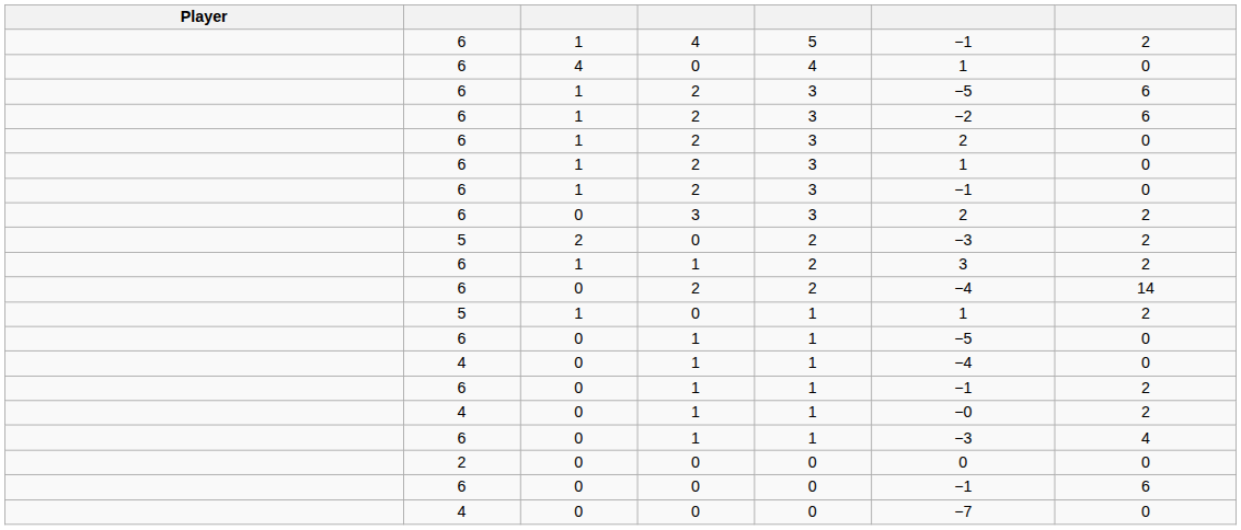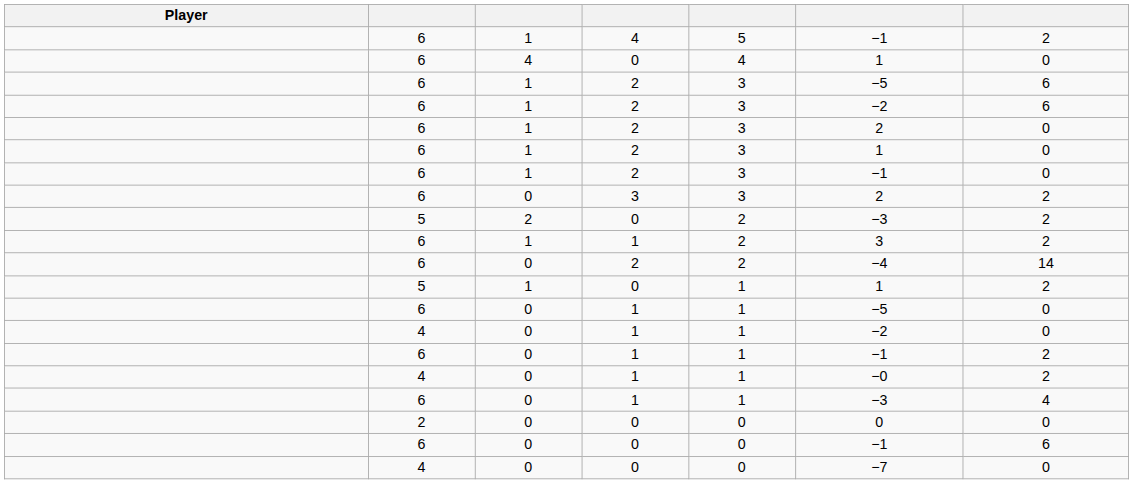 <table class="wikitable sortable" style="width:100%;">
 <tr align=center>
 <th>Player</th>
 <th></th>
 <th></th>
 <th></th>
 <th></th>
 <th data-sort-type="number"></th>
 <th></th>
 </tr>
 <tr align=center>
 <td></td>
 <td>6</td>
 <td>1</td>
 <td>4</td>
 <td>5</td>
 <td>−1</td>
 <td>2</td>
 </tr>
 <tr align=center>
 <td></td>
 <td>6</td>
 <td>4</td>
 <td>0</td>
 <td>4</td>
 <td>1</td>
 <td>0</td>
 </tr>
 <tr align=center>
 <td></td>
 <td>6</td>
 <td>1</td>
 <td>2</td>
 <td>3</td>
 <td>−5</td>
 <td>6</td>
 </tr>
 <tr align=center>
 <td></td>
 <td>6</td>
 <td>1</td>
 <td>2</td>
 <td>3</td>
 <td>−2</td>
 <td>6</td>
 </tr>
 <tr align=center>
 <td></td>
 <td>6</td>
 <td>1</td>
 <td>2</td>
 <td>3</td>
 <td>2</td>
 <td>0</td>
 </tr>
 <tr align=center>
 <td></td>
 <td>6</td>
 <td>1</td>
 <td>2</td>
 <td>3</td>
 <td>1</td>
 <td>0</td>
 </tr>
 <tr align=center>
 <td></td>
 <td>6</td>
 <td>1</td>
 <td>2</td>
 <td>3</td>
 <td>−1</td>
 <td>0</td>
 </tr>
 <tr align=center>
 <td></td>
 <td>6</td>
 <td>0</td>
 <td>3</td>
 <td>3</td>
 <td>2</td>
 <td>2</td>
 </tr>
 <tr align=center>
 <td></td>
 <td>5</td>
 <td>2</td>
 <td>0</td>
 <td>2</td>
 <td>−3</td>
 <td>2</td>
 </tr>
 <tr align=center>
 <td></td>
 <td>6</td>
 <td>1</td>
 <td>1</td>
 <td>2</td>
 <td>3</td>
 <td>2</td>
 </tr>
 <tr align=center>
 <td></td>
 <td>6</td>
 <td>0</td>
 <td>2</td>
 <td>2</td>
 <td>−4</td>
 <td>14</td>
 </tr>
 <tr align=center>
 <td></td>
 <td>5</td>
 <td>1</td>
 <td>0</td>
 <td>1</td>
 <td>1</td>
 <td>2</td>
 </tr>
 <tr align=center>
 <td></td>
 <td>6</td>
 <td>0</td>
 <td>1</td>
 <td>1</td>
 <td>−5</td>
 <td>0</td>
 </tr>
 <tr align=center>
 <td></td>
 <td>4</td>
 <td>0</td>
 <td>1</td>
 <td>1</td>
-<td>−4</td>
+<td>−2</td>
 <td>0</td>
 </tr>
 <tr align=center>
 <td></td>
 <td>6</td>
 <td>0</td>
 <td>1</td>
 <td>1</td>
 <td>−1</td>
 <td>2</td>
 </tr>
 <tr align=center>
 <td></td>
 <td>4</td>
 <td>0</td>
 <td>1</td>
 <td>1</td>
 <td>−0</td>
 <td>2</td>
 </tr>
 <tr align=center>
 <td></td>
 <td>6</td>
 <td>0</td>
 <td>1</td>
 <td>1</td>
 <td>−3</td>
 <td>4</td>
 </tr>
 <tr align=center>
 <td></td>
 <td>2</td>
 <td>0</td>
 <td>0</td>
 <td>0</td>
 <td>0</td>
 <td>0</td>
 </tr>
 <tr align=center>
 <td></td>
 <td>6</td>
 <td>0</td>
 <td>0</td>
 <td>0</td>
 <td>−1</td>
 <td>6</td>
 </tr>
 <tr align=center>
 <td></td>
 <td>4</td>
 <td>0</td>
 <td>0</td>
 <td>0</td>
 <td>−7</td>
 <td>0</td>
 </tr>
 </table>
